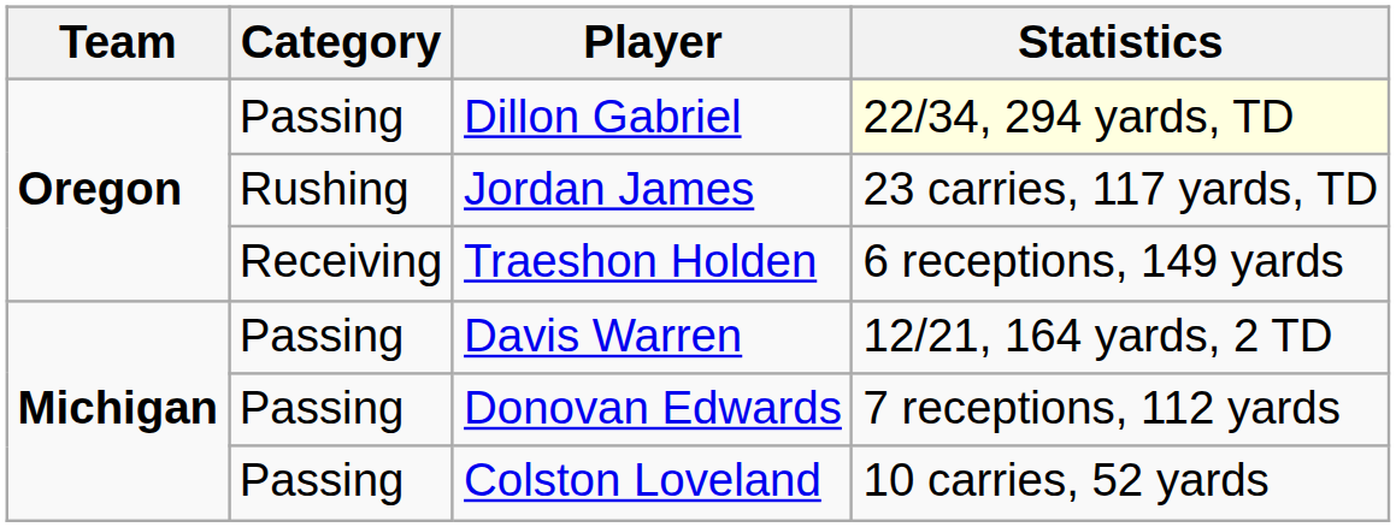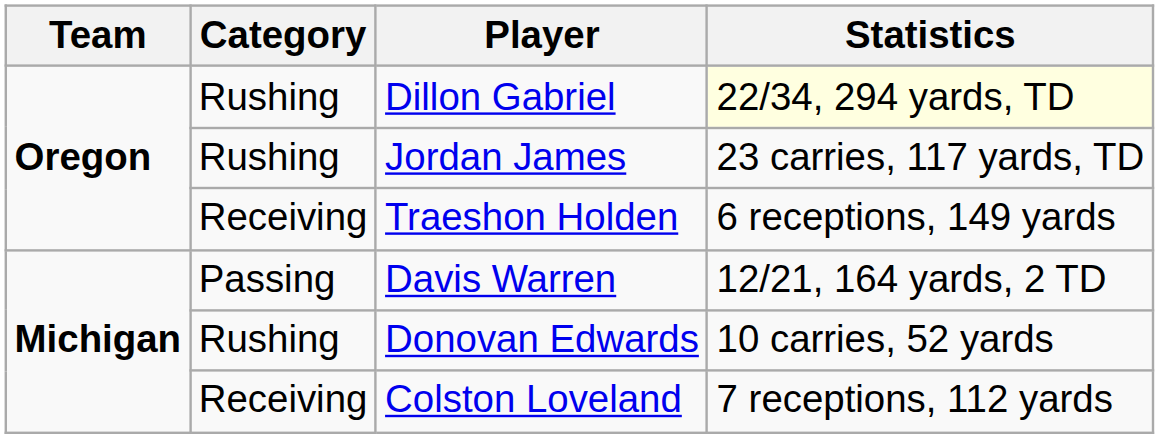 <table class="wikitable" style="float: right;">
 <tr>
 <th>Team</th>
 <th>Category</th>
 <th>Player</th>
 <th>Statistics</th>
 </tr>
 <tr>
 <td rowspan=3><strong>Oregon</strong></td>
-<td>Passing</td>
+<td>Rushing</td>
 <td><a href='#'>Dillon Gabriel</a></td>
 <td style="background: lightyellow;">22/34, 294 yards, TD</td>
 </tr>
 <tr>
 <td>Rushing</td>
 <td><a href='#'>Jordan James</a></td>
 <td>23 carries, 117 yards, TD</td>
 </tr>
 <tr>
 <td>Receiving</td>
 <td><a href='#'>Traeshon Holden</a></td>
 <td>6 receptions, 149 yards</td>
 </tr>
 <tr>
 <td rowspan=3><strong>Michigan</strong></td>
 <td>Passing</td>
 <td><a href='#'>Davis Warren</a></td>
 <td>12/21, 164 yards, 2 TD</td>
 </tr>
 <tr>
-<td>Passing</td>
+<td>Rushing</td>
 <td><a href='#'>Donovan Edwards</a></td>
+<td>10 carries, 52 yards</td>
+</tr>
+<tr>
+<td>Receiving</td>
+<td><a href='#'>Colston Loveland</a></td>
 <td>7 receptions, 112 yards</td>
 </tr>
-<tr>
-<td>Passing</td>
-<td><a href='#'>Colston Loveland</a></td>
-<td>10 carries, 52 yards</td>
-</tr>
 </table>
